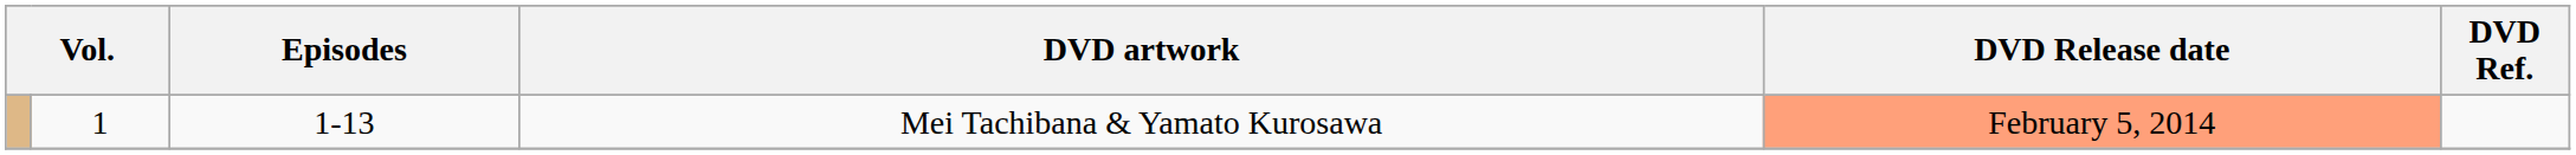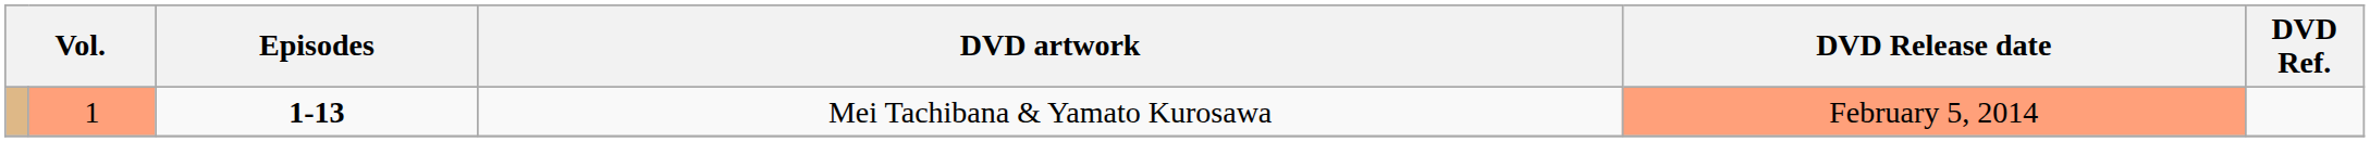 <table class="wikitable" style="text-align: center; width: 98%;">
 <tr>
 <th colspan="2">Vol.</th>
 <th>Episodes</th>
 <th>DVD artwork</th>
 <th>DVD Release date</th>
 <th width="5%">DVD Ref.</th>
 </tr>
 <tr>
 <td width="1%" style="background: BurlyWood;"></td>
-<td>1</td>
-<td>1-13</td>
+<td style="background: lightsalmon;">1</td>
+<td><strong>1-13</strong></td>
 <td>Mei Tachibana & Yamato Kurosawa</td>
 <td style="background: lightsalmon;">February 5, 2014</td>
 <td></td>
 </tr>
 <tr>
 </tr>
 </table>
